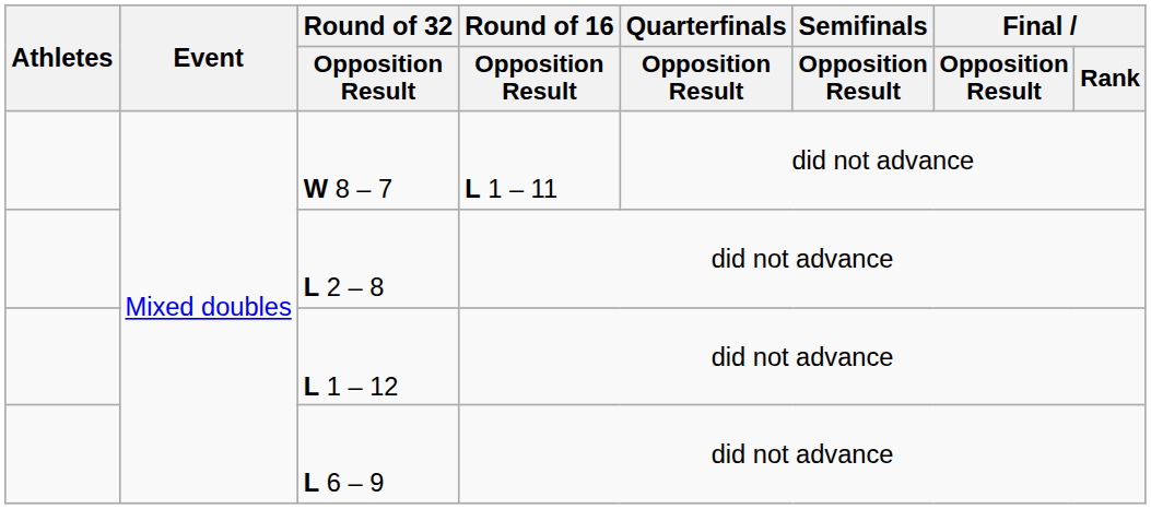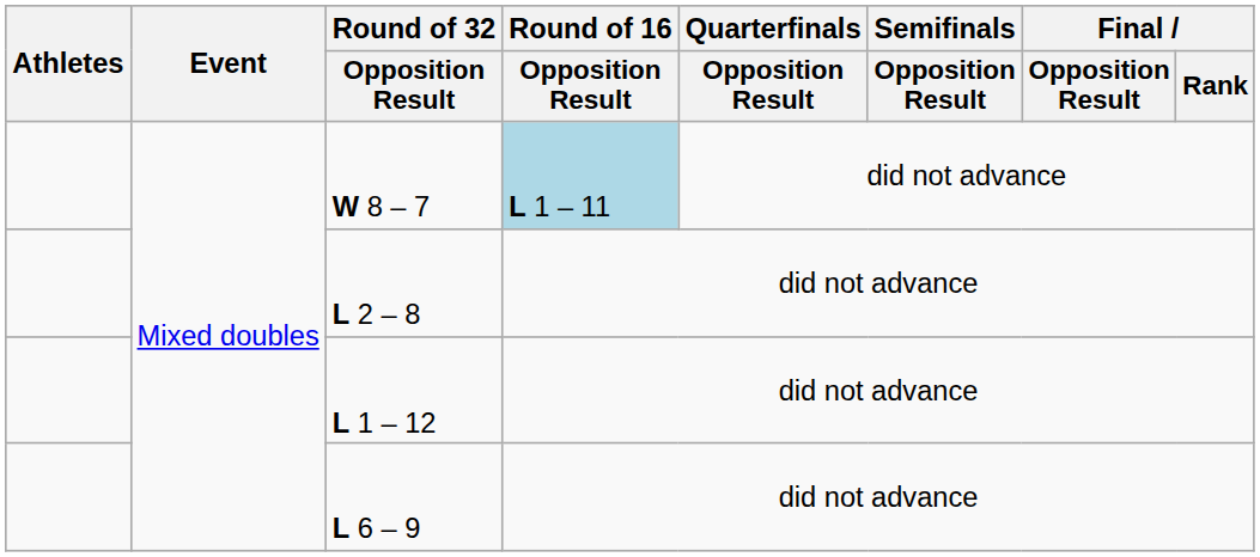 <table class="wikitable" style="font-size:90%">
 <tr>
 <th rowspan=2>Athletes</th>
 <th rowspan=2>Event</th>
 <th>Round of 32</th>
 <th>Round of 16</th>
 <th>Quarterfinals</th>
 <th>Semifinals</th>
 <th colspan=2>Final / </th>
 </tr>
 <tr style="font-size:95%">
 <th>Opposition<br>Result</th>
 <th>Opposition<br>Result</th>
 <th>Opposition<br>Result</th>
 <th>Opposition<br>Result</th>
 <th>Opposition<br>Result</th>
 <th>Rank</th>
 </tr>
 <tr>
 <td align=left><br></td>
 <td align=left rowspan=4><a href='#'>Mixed doubles</a></td>
 <td><br><br><strong>W</strong> 8 – 7</td>
-<td><br><br><strong>L</strong> 1 – 11</td>
+<td style="background: lightblue;"><br><br><strong>L</strong> 1 – 11</td>
 <td align=center colspan=4>did not advance</td>
 </tr>
 <tr>
 <td align=left><br></td>
 <td><br><br><strong>L</strong> 2 – 8</td>
 <td align=center colspan=5>did not advance</td>
 </tr>
 <tr>
 <td align=left><br></td>
 <td><br><br><strong>L</strong> 1 – 12</td>
 <td align=center colspan=5>did not advance</td>
 </tr>
 <tr>
 <td align=left><br></td>
 <td><br><br><strong>L</strong> 6 – 9</td>
 <td align=center colspan=5>did not advance</td>
 </tr>
 </table>
